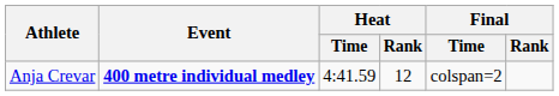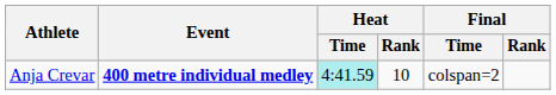 <table class="wikitable" style="font-size:90%;">
 <tr>
 <th rowspan="2">Athlete</th>
 <th rowspan="2">Event</th>
 <th colspan="2">Heat</th>
 <th colspan="2">Final</th>
 </tr>
 <tr style="font-size:95%">
 <th>Time</th>
 <th>Rank</th>
 <th>Time</th>
 <th>Rank</th>
 </tr>
 <tr align=center>
 <td align=left><a href='#'>Anja Crevar</a></td>
 <td align=left><strong><a href='#'>400 metre individual medley</a></strong></td>
-<td>4:41.59</td>
-<td>12</td>
+<td style="background: paleturquoise;">4:41.59</td>
+<td>10</td>
 <td>colspan=2 </td>
 </tr>
 </table>
